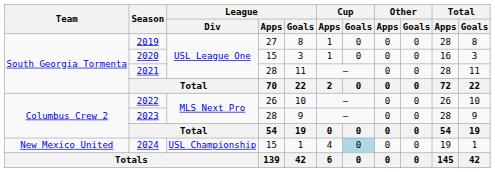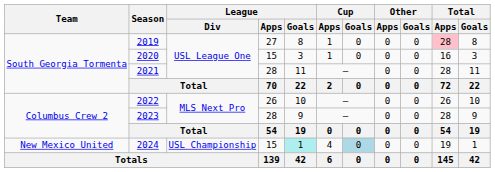 <table class="wikitable"style="text-align: center;">
 <tr>
 <th rowspan="2">Team</th>
 <th rowspan="2">Season</th>
 <th colspan="3">League</th>
 <th colspan="2">Cup</th>
 <th colspan="2">Other</th>
 <th colspan="2">Total</th>
 </tr>
 <tr>
 <th>Div</th>
 <th>Apps</th>
 <th>Goals</th>
 <th>Apps</th>
 <th>Goals</th>
 <th>Apps</th>
 <th>Goals</th>
 <th>Apps</th>
 <th>Goals</th>
 </tr>
 <tr>
 <td rowspan="4"><a href='#'>South Georgia Tormenta</a></td>
 <td><a href='#'>2019</a></td>
 <td rowspan="3"><a href='#'>USL League One</a></td>
 <td>27</td>
 <td>8</td>
 <td>1</td>
 <td>0</td>
 <td>0</td>
 <td>0</td>
-<td>28</td>
+<td style="background: pink;">28</td>
 <td>8</td>
 </tr>
 <tr>
 <td><a href='#'>2020</a></td>
 <td>15</td>
 <td>3</td>
 <td>1</td>
 <td>0</td>
 <td>0</td>
 <td>0</td>
 <td>16</td>
 <td>3</td>
 </tr>
 <tr>
 <td><a href='#'>2021</a></td>
 <td>28</td>
 <td>11</td>
 <td colspan="2">–</td>
 <td>0</td>
 <td>0</td>
 <td>28</td>
 <td>11</td>
 </tr>
 <tr>
 <th colspan="2">Total</th>
 <th>70</th>
 <th>22</th>
 <th>2</th>
 <th>0</th>
 <th>0</th>
 <th>0</th>
 <th>72</th>
 <th>22</th>
 </tr>
 <tr>
 <td rowspan="3"><a href='#'>Columbus Crew 2</a></td>
 <td><a href='#'>2022</a></td>
 <td rowspan="2"><a href='#'>MLS Next Pro</a></td>
 <td>26</td>
 <td>10</td>
 <td colspan="2">–</td>
 <td>0</td>
 <td>0</td>
 <td>26</td>
 <td>10</td>
 </tr>
 <tr>
 <td><a href='#'>2023</a></td>
 <td>28</td>
 <td>9</td>
 <td colspan="2">–</td>
 <td>0</td>
 <td>0</td>
 <td>28</td>
 <td>9</td>
 </tr>
 <tr>
 <th colspan="2">Total</th>
 <th>54</th>
 <th>19</th>
 <th>0</th>
 <th>0</th>
 <th>0</th>
 <th>0</th>
 <th>54</th>
 <th>19</th>
 </tr>
 <tr>
 <td><a href='#'>New Mexico United</a></td>
 <td><a href='#'>2024</a></td>
 <td><a href='#'>USL Championship</a></td>
 <td>15</td>
-<td>1</td>
+<td style="background: paleturquoise;">1</td>
 <td>4</td>
 <td style="background: lightblue;">0</td>
 <td>0</td>
 <td>0</td>
 <td>19</td>
 <td>1</td>
 </tr>
 <tr>
 <th colspan="3">Totals</th>
 <th>139</th>
 <th>42</th>
 <th>6</th>
 <th>0</th>
 <th>0</th>
 <th>0</th>
 <th>145</th>
 <th>42</th>
 </tr>
 </table>
